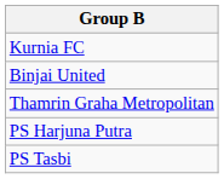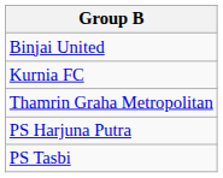 <table class="wikitable">
 <tr>
 <th><strong>Group B</strong></th>
 </tr>
 <tr>
-<td><a href='#'>Kurnia FC</a></td>
+<td><a href='#'>Binjai United</a></td>
 </tr>
 <tr>
-<td><a href='#'>Binjai United</a></td>
+<td><a href='#'>Kurnia FC</a></td>
 </tr>
 <tr>
 <td><a href='#'>Thamrin Graha Metropolitan</a></td>
 </tr>
 <tr>
 <td><a href='#'>PS Harjuna Putra</a></td>
 </tr>
 <tr>
 <td><a href='#'>PS Tasbi</a></td>
 </tr>
 </table>
